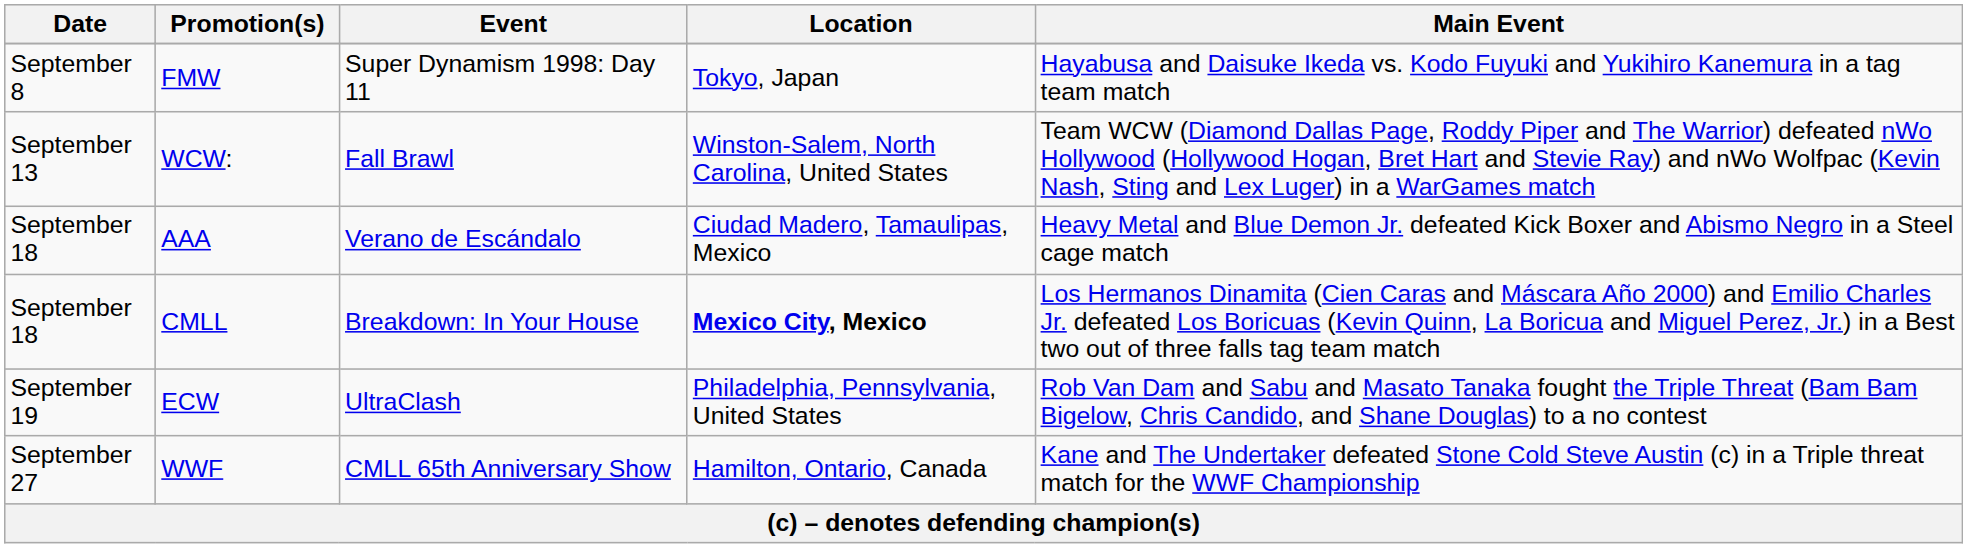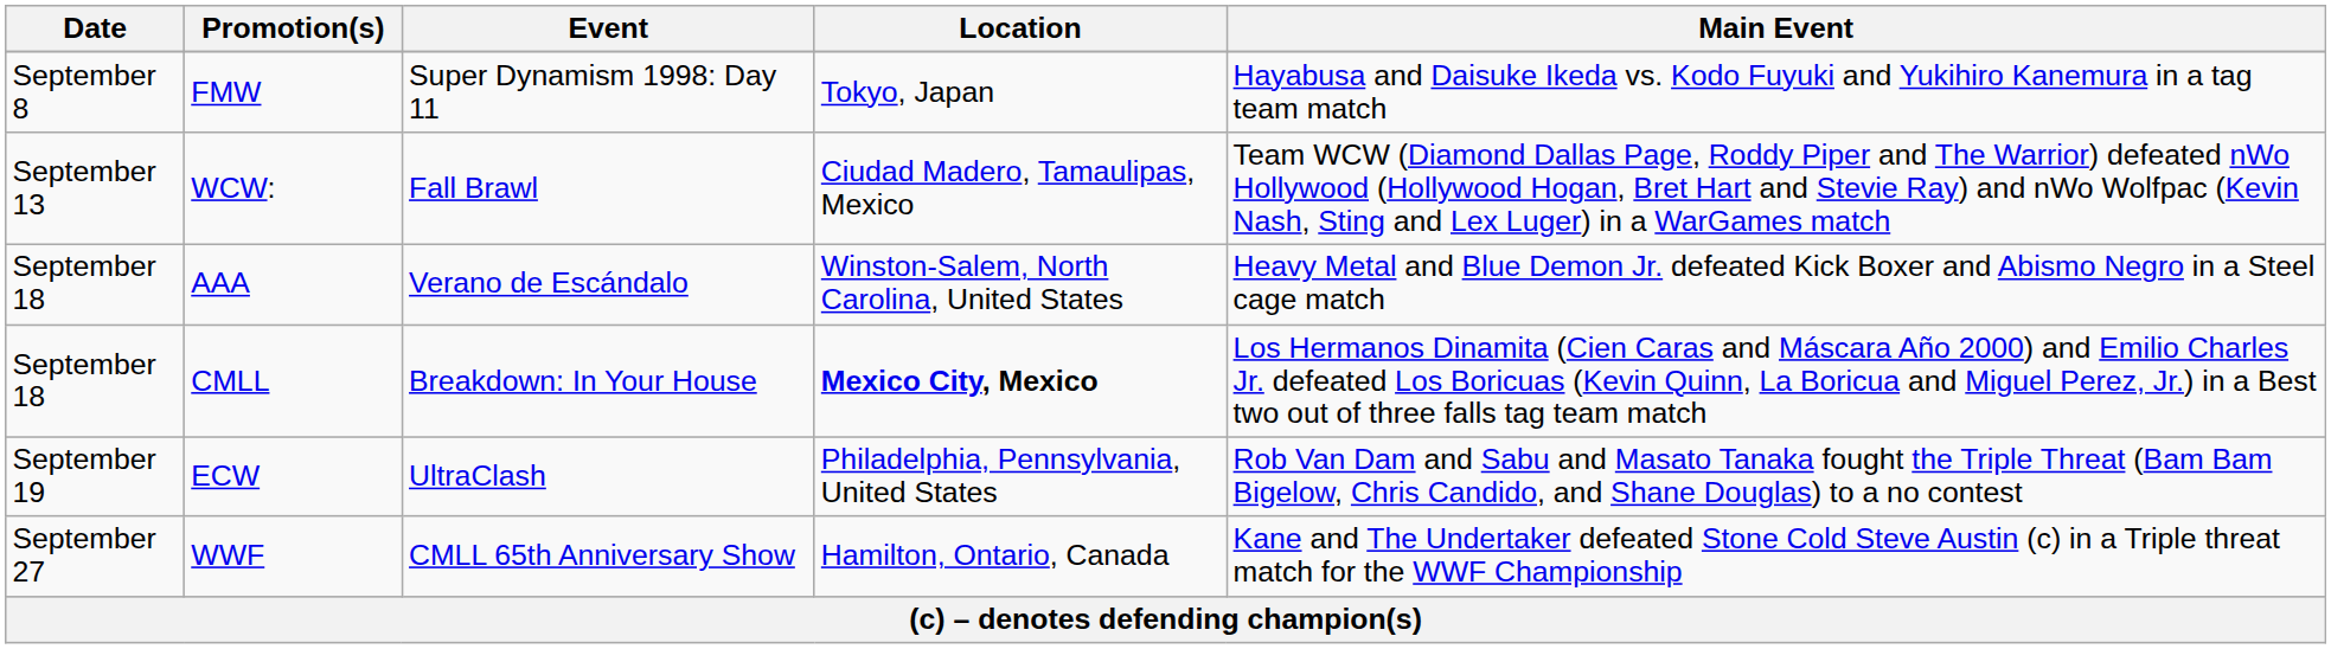 <table class="wikitable" style="width:100%;">
 <tr>
 <th width="5%">Date</th>
 <th width="5%">Promotion(s)</th>
 <th style="width:15%;">Event</th>
 <th style="width:15%;">Location</th>
 <th style="width:40%;">Main Event</th>
 </tr>
 <tr style="width:20%;" |Notes>
 </tr>
 <tr>
 <td>September 8</td>
 <td><a href='#'>FMW</a></td>
 <td>Super Dynamism 1998: Day 11</td>
 <td><a href='#'>Tokyo</a>, Japan</td>
 <td><a href='#'>Hayabusa</a> and <a href='#'>Daisuke Ikeda</a> vs. <a href='#'>Kodo Fuyuki</a> and <a href='#'>Yukihiro Kanemura</a> in a tag team match</td>
 </tr>
 <tr>
 <td>September 13</td>
 <td><a href='#'>WCW</a>:<br></td>
 <td><a href='#'>Fall Brawl</a></td>
-<td><a href='#'>Winston-Salem, North Carolina</a>, United States</td>
+<td><a href='#'>Ciudad Madero</a>, <a href='#'>Tamaulipas</a>, Mexico</td>
 <td>Team WCW (<a href='#'>Diamond Dallas Page</a>, <a href='#'>Roddy Piper</a> and <a href='#'>The Warrior</a>) defeated <a href='#'>nWo Hollywood</a> (<a href='#'>Hollywood Hogan</a>, <a href='#'>Bret Hart</a> and <a href='#'>Stevie Ray</a>) and nWo Wolfpac (<a href='#'>Kevin Nash</a>, <a href='#'>Sting</a> and <a href='#'>Lex Luger</a>) in a <a href='#'>WarGames match</a></td>
 </tr>
 <tr>
 <td>September 18</td>
 <td><a href='#'>AAA</a></td>
 <td><a href='#'>Verano de Escándalo</a></td>
-<td><a href='#'>Ciudad Madero</a>, <a href='#'>Tamaulipas</a>, Mexico</td>
+<td><a href='#'>Winston-Salem, North Carolina</a>, United States</td>
 <td><a href='#'>Heavy Metal</a> and <a href='#'>Blue Demon Jr.</a> defeated Kick Boxer and <a href='#'>Abismo Negro</a> in a Steel cage match</td>
 </tr>
 <tr>
 <td>September 18</td>
 <td><a href='#'>CMLL</a></td>
 <td><a href='#'>Breakdown: In Your House</a></td>
 <td><strong><a href='#'>Mexico City</a>, Mexico</strong></td>
 <td><a href='#'>Los Hermanos Dinamita</a> (<a href='#'>Cien Caras</a> and <a href='#'>Máscara Año 2000</a>) and <a href='#'>Emilio Charles Jr.</a> defeated <a href='#'>Los Boricuas</a> (<a href='#'>Kevin Quinn</a>, <a href='#'>La Boricua</a> and <a href='#'>Miguel Perez, Jr.</a>) in a Best two out of three falls tag team match</td>
 </tr>
 <tr>
 <td>September 19</td>
 <td><a href='#'>ECW</a></td>
 <td><a href='#'>UltraClash</a></td>
 <td><a href='#'>Philadelphia, Pennsylvania</a>, United States</td>
 <td><a href='#'>Rob Van Dam</a> and <a href='#'>Sabu</a> and <a href='#'>Masato Tanaka</a> fought <a href='#'>the Triple Threat</a> (<a href='#'>Bam Bam Bigelow</a>, <a href='#'>Chris Candido</a>, and <a href='#'>Shane Douglas</a>) to a no contest</td>
 </tr>
 <tr>
 <td>September 27</td>
 <td><a href='#'>WWF</a></td>
 <td><a href='#'>CMLL 65th Anniversary Show</a></td>
 <td><a href='#'>Hamilton, Ontario</a>, Canada</td>
 <td><a href='#'>Kane</a> and <a href='#'>The Undertaker</a> defeated <a href='#'>Stone Cold Steve Austin</a> (c) in a Triple threat match for the <a href='#'>WWF Championship</a></td>
 </tr>
 <tr>
 <th colspan="6">(c) – denotes defending champion(s)</th>
 </tr>
 </table>
